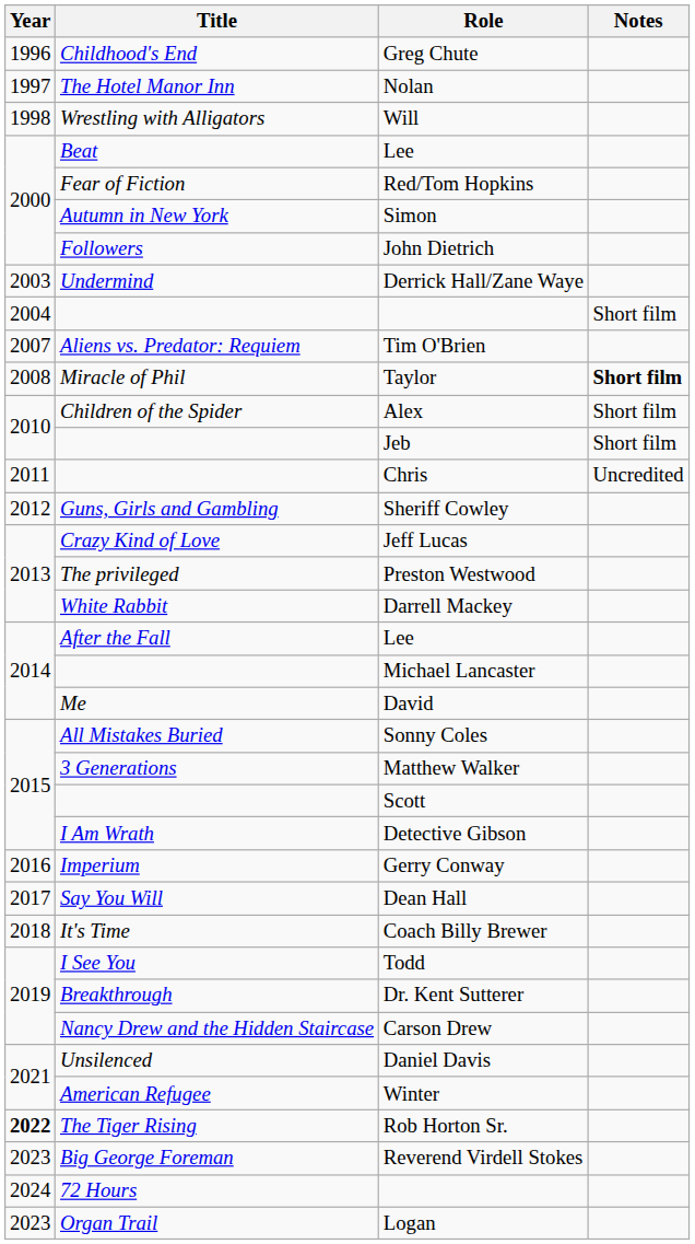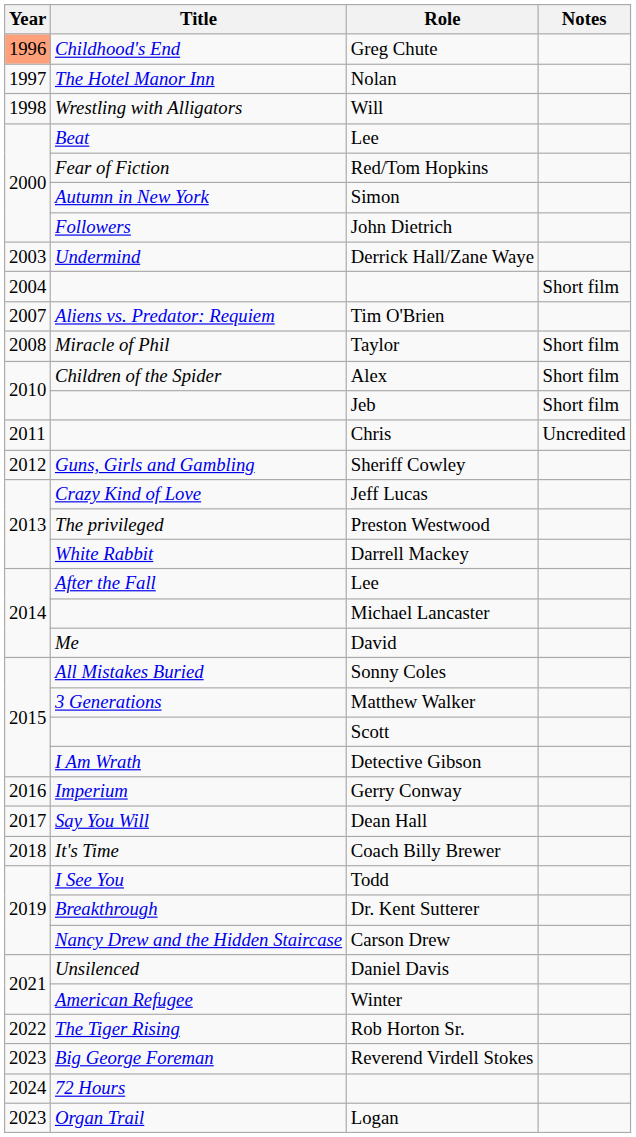 <table class="wikitable sortable">
 <tr>
 <th>Year</th>
 <th>Title</th>
 <th>Role</th>
 <th class="unsortable">Notes</th>
 </tr>
 <tr>
-<td>1996</td>
+<td style="background: lightsalmon;">1996</td>
 <td><em><a href='#'>Childhood's End</a></em></td>
 <td>Greg Chute</td>
 <td></td>
 </tr>
 <tr>
 <td>1997</td>
 <td><em><a href='#'>The Hotel Manor Inn</a></em></td>
 <td>Nolan</td>
 <td></td>
 </tr>
 <tr>
 <td>1998</td>
 <td><em>Wrestling with Alligators</em></td>
 <td>Will</td>
 <td></td>
 </tr>
 <tr>
 <td rowspan="4">2000</td>
 <td><em><a href='#'>Beat</a></em></td>
 <td>Lee</td>
 <td></td>
 </tr>
 <tr>
 <td><em>Fear of Fiction</em></td>
 <td>Red/Tom Hopkins</td>
 <td></td>
 </tr>
 <tr>
 <td><em><a href='#'>Autumn in New York</a></em></td>
 <td>Simon</td>
 <td></td>
 </tr>
 <tr>
 <td><em><a href='#'>Followers</a></em></td>
 <td>John Dietrich</td>
 <td></td>
 </tr>
 <tr>
 <td>2003</td>
 <td><em><a href='#'>Undermind</a></em></td>
 <td>Derrick Hall/Zane Waye</td>
 <td></td>
 </tr>
 <tr>
 <td>2004</td>
 <td><em></em></td>
 <td></td>
 <td>Short film</td>
 </tr>
 <tr>
 <td>2007</td>
 <td><em><a href='#'>Aliens vs. Predator: Requiem</a></em></td>
 <td>Tim O'Brien</td>
 <td></td>
 </tr>
 <tr>
 <td>2008</td>
 <td><em>Miracle of Phil</em></td>
 <td>Taylor</td>
-<td><strong>Short film</strong></td>
+<td>Short film</td>
 </tr>
 <tr>
 <td rowspan="2">2010</td>
 <td><em>Children of the Spider</em></td>
 <td>Alex</td>
 <td>Short film</td>
 </tr>
 <tr>
 <td><em></em></td>
 <td>Jeb</td>
 <td>Short film</td>
 </tr>
 <tr>
 <td>2011</td>
 <td><em></em></td>
 <td>Chris</td>
 <td>Uncredited</td>
 </tr>
 <tr>
 <td>2012</td>
 <td><em><a href='#'>Guns, Girls and Gambling</a></em></td>
 <td>Sheriff Cowley</td>
 <td></td>
 </tr>
 <tr>
 <td rowspan="3">2013</td>
 <td><em><a href='#'>Crazy Kind of Love</a></em></td>
 <td>Jeff Lucas</td>
 <td></td>
 </tr>
 <tr>
 <td><em>The privileged</em></td>
 <td>Preston Westwood</td>
 <td></td>
 </tr>
 <tr>
 <td><em><a href='#'>White Rabbit</a></em></td>
 <td>Darrell Mackey</td>
 <td></td>
 </tr>
 <tr>
 <td rowspan="3">2014</td>
 <td><em><a href='#'>After the Fall</a></em></td>
 <td>Lee</td>
 <td></td>
 </tr>
 <tr>
 <td><em></em></td>
 <td>Michael Lancaster</td>
 <td></td>
 </tr>
 <tr>
 <td><em>Me</em></td>
 <td>David</td>
 <td></td>
 </tr>
 <tr>
 <td rowspan="4">2015</td>
 <td><em><a href='#'>All Mistakes Buried</a></em></td>
 <td>Sonny Coles</td>
 <td></td>
 </tr>
 <tr>
 <td><em><a href='#'>3 Generations</a></em></td>
 <td>Matthew Walker</td>
 <td></td>
 </tr>
 <tr>
 <td><em></em></td>
 <td>Scott</td>
 <td></td>
 </tr>
 <tr>
 <td><em><a href='#'>I Am Wrath</a></em></td>
 <td>Detective Gibson</td>
 <td></td>
 </tr>
 <tr>
 <td>2016</td>
 <td><em><a href='#'>Imperium</a></em></td>
 <td>Gerry Conway</td>
 <td></td>
 </tr>
 <tr>
 <td>2017</td>
 <td><em><a href='#'>Say You Will</a></em></td>
 <td>Dean Hall</td>
 <td></td>
 </tr>
 <tr>
 <td>2018</td>
 <td><em>It's Time</em></td>
 <td>Coach Billy Brewer</td>
 <td></td>
 </tr>
 <tr>
 <td rowspan="3">2019</td>
 <td><em><a href='#'>I See You</a></em></td>
 <td>Todd</td>
 <td></td>
 </tr>
 <tr>
 <td><em><a href='#'>Breakthrough</a></em></td>
 <td>Dr. Kent Sutterer</td>
 <td></td>
 </tr>
 <tr>
 <td><em><a href='#'>Nancy Drew and the Hidden Staircase</a></em></td>
 <td>Carson Drew</td>
 <td></td>
 </tr>
 <tr>
 <td rowspan="2">2021</td>
 <td><em>Unsilenced</em></td>
 <td>Daniel Davis</td>
 <td></td>
 </tr>
 <tr>
 <td><em><a href='#'>American Refugee</a></em></td>
 <td>Winter</td>
 <td></td>
 </tr>
 <tr>
-<td><strong>2022</strong></td>
+<td>2022</td>
 <td><em><a href='#'>The Tiger Rising</a></em></td>
 <td>Rob Horton Sr.</td>
 <td></td>
 </tr>
 <tr>
 <td>2023</td>
 <td><em><a href='#'>Big George Foreman</a></em></td>
 <td>Reverend Virdell Stokes</td>
 <td></td>
 </tr>
 <tr>
 <td>2024</td>
 <td><em><a href='#'>72 Hours</a></em></td>
 <td></td>
 <td></td>
 </tr>
 <tr>
 <td>2023</td>
 <td><em><a href='#'>Organ Trail</a></em></td>
 <td>Logan</td>
 <td></td>
 </tr>
 </table>
